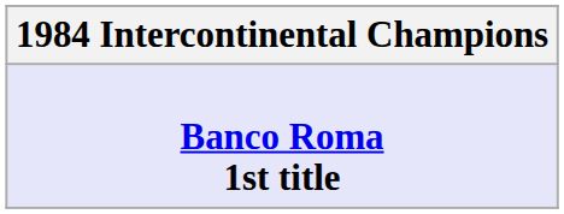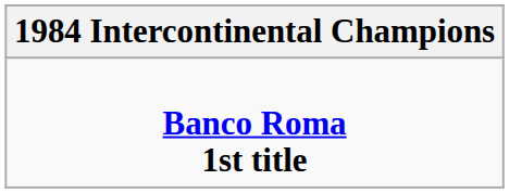 <table class=wikitable style="text-align:center; margin:auto">
 <tr>
 <th>1984 Intercontinental Champions</th>
 </tr>
 <tr>
-<td style="background: lavender;"><br> <strong><a href='#'>Banco Roma</a></strong> <br> <strong>1st title</strong></td>
+<td><br> <strong><a href='#'>Banco Roma</a></strong> <br> <strong>1st title</strong></td>
 </tr>
 </table>
